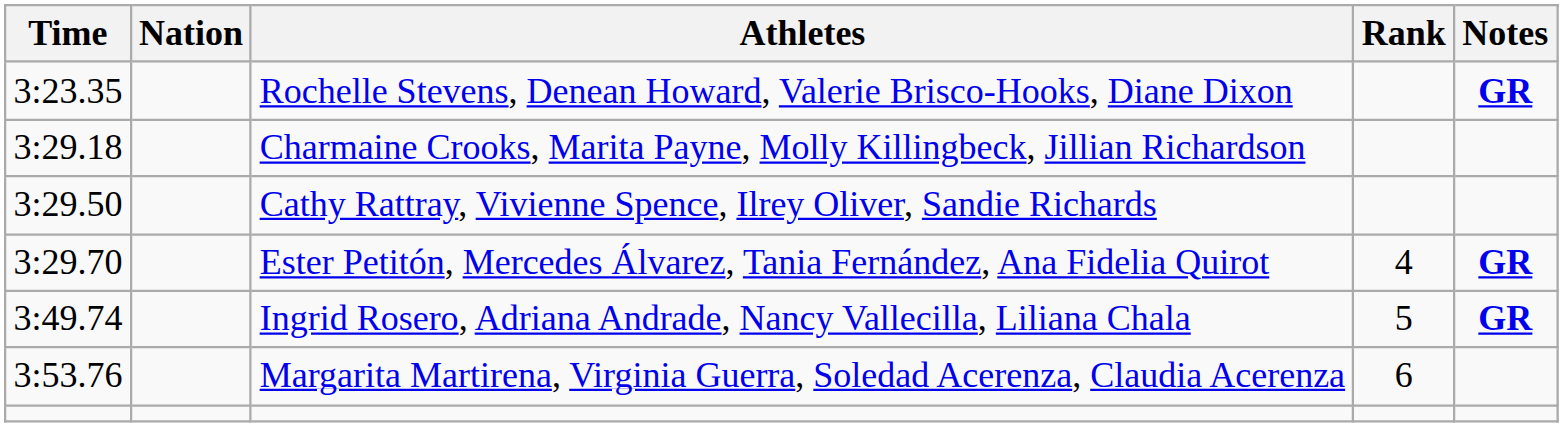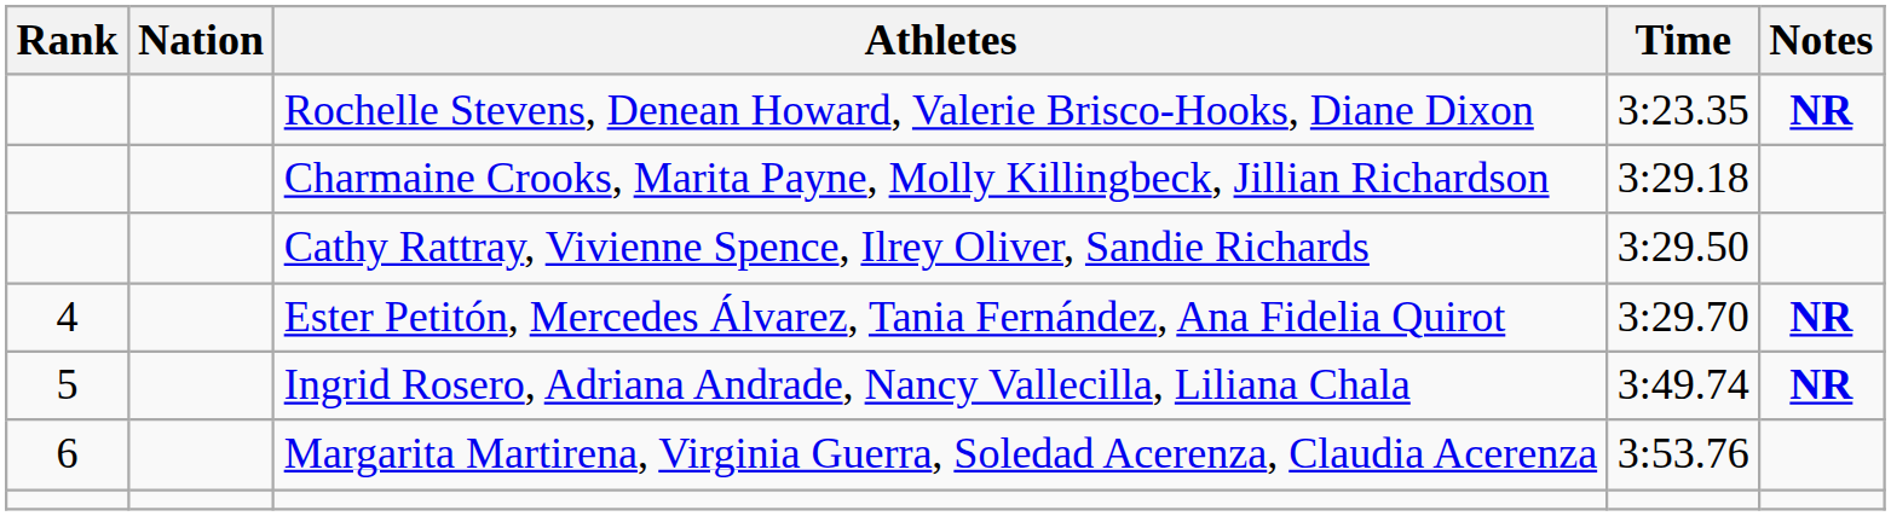 <table class="wikitable sortable" style="text-align:center;">
 <tr>
-<th>Time</th>
+<th>Rank</th>
 <th>Nation</th>
 <th>Athletes</th>
-<th>Rank</th>
+<th>Time</th>
 <th>Notes</th>
 </tr>
 <tr>
-<td>3:23.35</td>
+<td></td>
 <td align=left></td>
 <td align=left><a href='#'>Rochelle Stevens</a>, <a href='#'>Denean Howard</a>, <a href='#'>Valerie Brisco-Hooks</a>, <a href='#'>Diane Dixon</a></td>
-<td></td>
-<td><strong><a href='#'>GR</a></strong></td>
+<td>3:23.35</td>
+<td><strong><a href='#'>NR</a></strong></td>
 </tr>
 <tr>
-<td>3:29.18</td>
+<td></td>
 <td align=left></td>
 <td align=left><a href='#'>Charmaine Crooks</a>, <a href='#'>Marita Payne</a>, <a href='#'>Molly Killingbeck</a>, <a href='#'>Jillian Richardson</a></td>
-<td></td>
+<td>3:29.18</td>
 <td></td>
 </tr>
 <tr>
-<td>3:29.50</td>
+<td></td>
 <td align=left></td>
 <td align=left><a href='#'>Cathy Rattray</a>, <a href='#'>Vivienne Spence</a>, <a href='#'>Ilrey Oliver</a>, <a href='#'>Sandie Richards</a></td>
-<td></td>
+<td>3:29.50</td>
 <td></td>
 </tr>
 <tr>
-<td>3:29.70</td>
+<td>4</td>
 <td align=left></td>
 <td align=left><a href='#'>Ester Petitón</a>, <a href='#'>Mercedes Álvarez</a>, <a href='#'>Tania Fernández</a>, <a href='#'>Ana Fidelia Quirot</a></td>
-<td>4</td>
-<td><strong><a href='#'>GR</a></strong></td>
+<td>3:29.70</td>
+<td><strong><a href='#'>NR</a></strong></td>
 </tr>
 <tr>
-<td>3:49.74</td>
+<td>5</td>
 <td align=left></td>
 <td align=left><a href='#'>Ingrid Rosero</a>, <a href='#'>Adriana Andrade</a>, <a href='#'>Nancy Vallecilla</a>, <a href='#'>Liliana Chala</a></td>
-<td>5</td>
-<td><strong><a href='#'>GR</a></strong></td>
+<td>3:49.74</td>
+<td><strong><a href='#'>NR</a></strong></td>
 </tr>
 <tr>
-<td>3:53.76</td>
+<td>6</td>
 <td align=left></td>
 <td align=left><a href='#'>Margarita Martirena</a>, <a href='#'>Virginia Guerra</a>, <a href='#'>Soledad Acerenza</a>, <a href='#'>Claudia Acerenza</a></td>
-<td>6</td>
+<td>3:53.76</td>
 <td></td>
 </tr>
 <tr>
 <td></td>
 <td align=left></td>
 <td align=left></td>
 <td></td>
 <td></td>
 </tr>
 </table>
